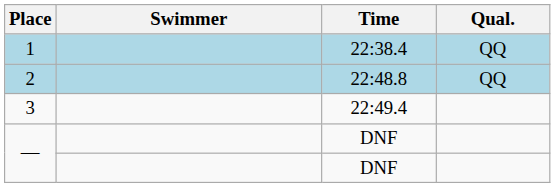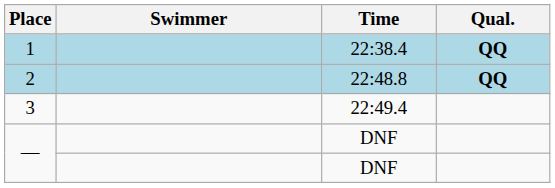 <table class=wikitable style="text-align:center">
 <tr>
 <th>Place</th>
 <th width=220>Swimmer</th>
 <th width=90>Time</th>
 <th width=90>Qual.</th>
 </tr>
 <tr bgcolor=lightblue>
 <td>1</td>
 <td align=left></td>
 <td>22:38.4</td>
-<td>QQ</td>
+<td><strong>QQ</strong></td>
 </tr>
 <tr bgcolor=lightblue>
 <td>2</td>
 <td align=left></td>
 <td>22:48.8</td>
-<td>QQ</td>
+<td><strong>QQ</strong></td>
 </tr>
 <tr>
 <td>3</td>
 <td align=left></td>
 <td>22:49.4</td>
 <td></td>
 </tr>
 <tr>
 <td rowspan=2>—</td>
 <td align=left></td>
 <td>DNF</td>
 <td></td>
 </tr>
 <tr>
 <td align=left></td>
 <td>DNF</td>
 <td></td>
 </tr>
 </table>
